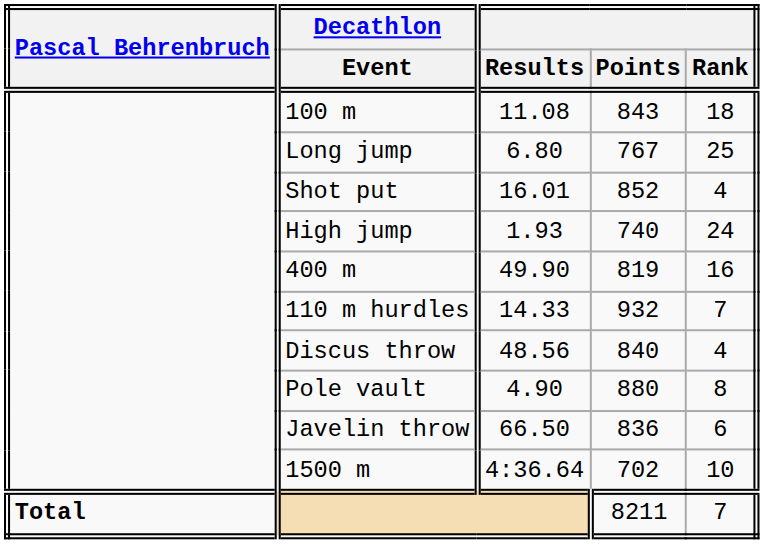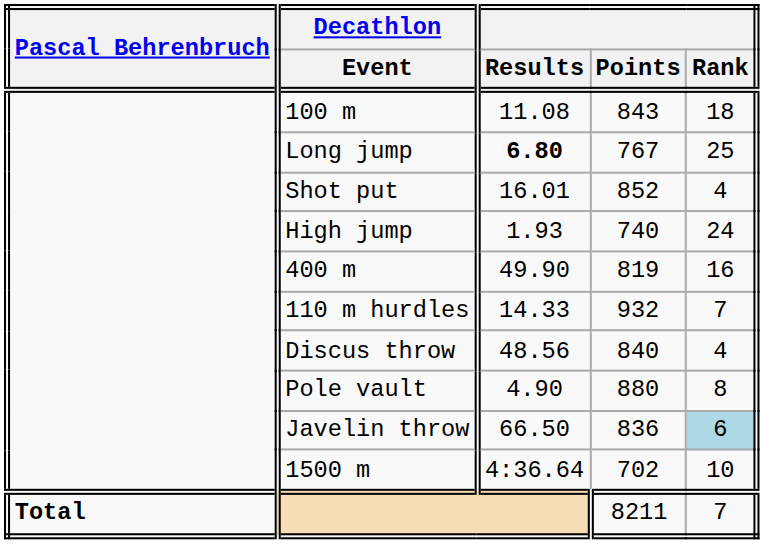 <table class=wikitable style="font-size:90%; border: double;">
 <tr>
 <th style="border-right:double" rowspan="2"><a href='#'>Pascal Behrenbruch</a></th>
 <th style="border-right:double"><a href='#'>Decathlon</a></th>
 <th colspan="3"></th>
 </tr>
 <tr>
 <th style="border-right:double">Event</th>
 <th>Results</th>
 <th>Points</th>
 <th>Rank</th>
 </tr>
 <tr style="border-top: double;">
 <td style="border-right:double" rowspan="10"></td>
 <td style="border-right:double">100 m</td>
 <td align=center>11.08</td>
 <td align=center>843</td>
 <td align=center>18</td>
 </tr>
 <tr>
 <td style="border-right:double">Long jump</td>
-<td align=center>6.80</td>
+<td align=center><strong>6.80</strong></td>
 <td align=center>767</td>
 <td align=center>25</td>
 </tr>
 <tr>
 <td style="border-right:double">Shot put</td>
 <td align=center>16.01</td>
 <td align=center>852</td>
 <td align=center>4</td>
 </tr>
 <tr>
 <td style="border-right:double">High jump</td>
 <td align=center>1.93</td>
 <td align=center>740</td>
 <td align=center>24</td>
 </tr>
 <tr>
 <td style="border-right:double">400 m</td>
 <td align=center>49.90</td>
 <td align=center>819</td>
 <td align=center>16</td>
 </tr>
 <tr>
 <td style="border-right:double">110 m hurdles</td>
 <td align=center>14.33</td>
 <td align=center>932</td>
 <td align=center>7</td>
 </tr>
 <tr>
 <td style="border-right:double">Discus throw</td>
 <td align=center>48.56</td>
 <td align=center>840</td>
 <td align=center>4</td>
 </tr>
 <tr>
 <td style="border-right:double">Pole vault</td>
 <td align=center>4.90</td>
 <td align=center>880</td>
 <td align=center>8</td>
 </tr>
 <tr>
 <td style="border-right:double">Javelin throw</td>
 <td align=center>66.50</td>
 <td align=center>836</td>
-<td align=center>6</td>
+<td align=center style="background: lightblue;">6</td>
 </tr>
 <tr>
 <td style="border-right:double">1500 m</td>
 <td align=center>4:36.64</td>
 <td align=center>702</td>
 <td align=center>10</td>
 </tr>
 <tr style="border-top: double;">
 <td style="border-right:double"><strong>Total</strong></td>
 <td colspan="2" style="background:wheat; border-right:double;"></td>
 <td align=center>8211</td>
 <td align=center>7</td>
 </tr>
 </table>
